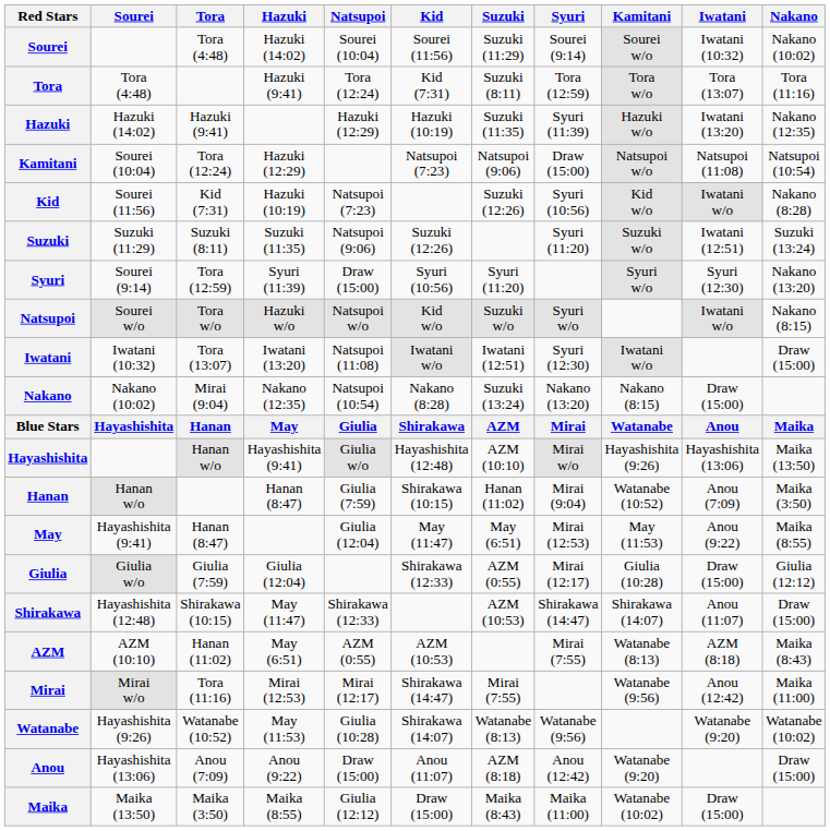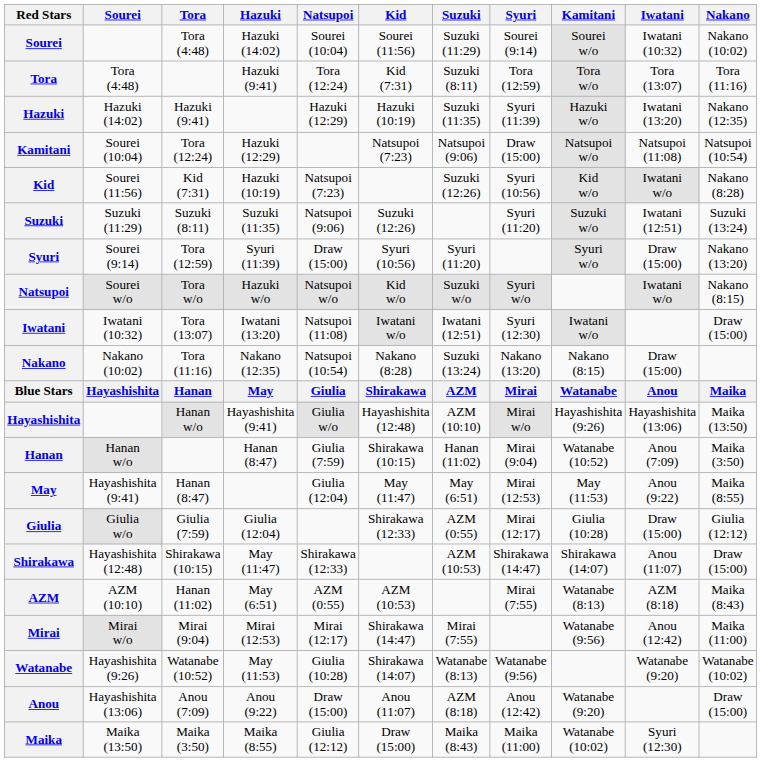 <table class="wikitable" style="text-align:center; margin: 1em auto 1em auto;" width="25%">
 <tr>
 <th>Red Stars</th>
 <th><a href='#'>Sourei</a></th>
 <th><a href='#'>Tora</a></th>
 <th><a href='#'>Hazuki</a></th>
 <th><a href='#'>Natsupoi</a></th>
 <th><a href='#'>Kid</a></th>
 <th><a href='#'>Suzuki</a></th>
 <th><a href='#'>Syuri</a></th>
 <th><a href='#'>Kamitani</a></th>
 <th><a href='#'>Iwatani</a></th>
 <th><a href='#'>Nakano</a></th>
 </tr>
 <tr>
 <th><a href='#'>Sourei</a></th>
 <td></td>
 <td>Tora<br>(4:48)</td>
 <td>Hazuki<br>(14:02)</td>
 <td>Sourei<br>(10:04)</td>
 <td>Sourei<br>(11:56)</td>
 <td>Suzuki<br>(11:29)</td>
 <td>Sourei<br>(9:14)</td>
 <td style="background-color:#e3e3e3">Sourei<br>w/o</td>
 <td>Iwatani<br>(10:32)</td>
 <td>Nakano<br>(10:02)</td>
 </tr>
 <tr>
 <th><a href='#'>Tora</a></th>
 <td>Tora<br>(4:48)</td>
 <td></td>
 <td>Hazuki<br>(9:41)</td>
 <td>Tora<br>(12:24)</td>
 <td>Kid<br>(7:31)</td>
 <td>Suzuki<br>(8:11)</td>
 <td>Tora<br>(12:59)</td>
 <td style="background-color:#e3e3e3">Tora<br>w/o</td>
 <td>Tora<br>(13:07)</td>
 <td>Tora<br>(11:16)</td>
 </tr>
 <tr>
 <th><a href='#'>Hazuki</a></th>
 <td>Hazuki<br>(14:02)</td>
 <td>Hazuki<br>(9:41)</td>
 <td></td>
 <td>Hazuki<br>(12:29)</td>
 <td>Hazuki<br>(10:19)</td>
 <td>Suzuki<br>(11:35)</td>
 <td>Syuri<br>(11:39)</td>
 <td style="background-color:#e3e3e3">Hazuki<br>w/o</td>
 <td>Iwatani<br>(13:20)</td>
 <td>Nakano<br>(12:35)</td>
 </tr>
 <tr>
 <th><a href='#'>Kamitani</a></th>
 <td>Sourei<br>(10:04)</td>
 <td>Tora<br>(12:24)</td>
 <td>Hazuki<br>(12:29)</td>
 <td></td>
 <td>Natsupoi<br>(7:23)</td>
 <td>Natsupoi<br>(9:06)</td>
 <td>Draw<br>(15:00)</td>
 <td style="background-color:#e3e3e3">Natsupoi<br>w/o</td>
 <td>Natsupoi<br>(11:08)</td>
 <td>Natsupoi<br>(10:54)</td>
 </tr>
 <tr>
 <th><a href='#'>Kid</a></th>
 <td>Sourei<br>(11:56)</td>
 <td>Kid<br>(7:31)</td>
 <td>Hazuki<br>(10:19)</td>
 <td>Natsupoi<br>(7:23)</td>
 <td></td>
 <td>Suzuki<br>(12:26)</td>
 <td>Syuri<br>(10:56)</td>
 <td style="background-color:#e3e3e3">Kid<br>w/o</td>
 <td style="background-color:#e3e3e3">Iwatani<br>w/o</td>
 <td>Nakano<br>(8:28)</td>
 </tr>
 <tr>
 <th><a href='#'>Suzuki</a></th>
 <td>Suzuki<br>(11:29)</td>
 <td>Suzuki<br>(8:11)</td>
 <td>Suzuki<br>(11:35)</td>
 <td>Natsupoi<br>(9:06)</td>
 <td>Suzuki<br>(12:26)</td>
 <td></td>
 <td>Syuri<br>(11:20)</td>
 <td style="background-color:#e3e3e3">Suzuki<br>w/o</td>
 <td>Iwatani<br>(12:51)</td>
 <td>Suzuki<br>(13:24)</td>
 </tr>
 <tr>
 <th><a href='#'>Syuri</a></th>
 <td>Sourei<br>(9:14)</td>
 <td>Tora<br>(12:59)</td>
 <td>Syuri<br>(11:39)</td>
 <td>Draw<br>(15:00)</td>
 <td>Syuri<br>(10:56)</td>
 <td>Syuri<br>(11:20)</td>
 <td></td>
 <td style="background-color:#e3e3e3">Syuri<br>w/o</td>
-<td>Syuri<br>(12:30)</td>
+<td>Draw<br>(15:00)</td>
 <td>Nakano<br>(13:20)</td>
 </tr>
 <tr>
 <th><a href='#'>Natsupoi</a></th>
 <td style="background-color:#e3e3e3">Sourei<br>w/o</td>
 <td style="background-color:#e3e3e3">Tora<br>w/o</td>
 <td style="background-color:#e3e3e3">Hazuki<br>w/o</td>
 <td style="background-color:#e3e3e3">Natsupoi<br>w/o</td>
 <td style="background-color:#e3e3e3">Kid<br>w/o</td>
 <td style="background-color:#e3e3e3">Suzuki<br>w/o</td>
 <td style="background-color:#e3e3e3">Syuri<br>w/o</td>
 <td></td>
 <td style="background-color:#e3e3e3">Iwatani<br>w/o</td>
 <td>Nakano<br>(8:15)</td>
 </tr>
 <tr>
 <th><a href='#'>Iwatani</a></th>
 <td>Iwatani<br>(10:32)</td>
 <td>Tora<br>(13:07)</td>
 <td>Iwatani<br>(13:20)</td>
 <td>Natsupoi<br>(11:08)</td>
 <td style="background-color:#e3e3e3">Iwatani<br>w/o</td>
 <td>Iwatani<br>(12:51)</td>
 <td>Syuri<br>(12:30)</td>
 <td style="background-color:#e3e3e3">Iwatani<br>w/o</td>
 <td></td>
 <td>Draw<br>(15:00)</td>
 </tr>
 <tr>
 <th><a href='#'>Nakano</a></th>
 <td>Nakano<br>(10:02)</td>
-<td>Mirai<br>(9:04)</td>
+<td>Tora<br>(11:16)</td>
 <td>Nakano<br>(12:35)</td>
 <td>Natsupoi<br>(10:54)</td>
 <td>Nakano<br>(8:28)</td>
 <td>Suzuki<br>(13:24)</td>
 <td>Nakano<br>(13:20)</td>
 <td>Nakano<br>(8:15)</td>
 <td>Draw<br>(15:00)</td>
 <td></td>
 </tr>
 <tr>
 <th>Blue Stars</th>
 <th><a href='#'>Hayashishita</a></th>
 <th><a href='#'>Hanan</a></th>
 <th><a href='#'>May</a></th>
 <th><a href='#'>Giulia</a></th>
 <th><a href='#'>Shirakawa</a></th>
 <th><a href='#'>AZM</a></th>
 <th><a href='#'>Mirai</a></th>
 <th><a href='#'>Watanabe</a></th>
 <th><a href='#'>Anou</a></th>
 <th><a href='#'>Maika</a></th>
 </tr>
 <tr>
 <th><a href='#'>Hayashishita</a></th>
 <td></td>
 <td style="background-color:#e3e3e3">Hanan<br>w/o</td>
 <td>Hayashishita<br>(9:41)</td>
 <td style="background-color:#e3e3e3">Giulia<br>w/o</td>
 <td>Hayashishita<br>(12:48)</td>
 <td>AZM<br>(10:10)</td>
 <td style="background-color:#e3e3e3">Mirai<br>w/o</td>
 <td>Hayashishita<br>(9:26)</td>
 <td>Hayashishita<br>(13:06)</td>
 <td>Maika<br>(13:50)</td>
 </tr>
 <tr>
 <th><a href='#'>Hanan</a></th>
 <td style="background-color:#e3e3e3">Hanan<br>w/o</td>
 <td></td>
 <td>Hanan<br>(8:47)</td>
 <td>Giulia<br>(7:59)</td>
 <td>Shirakawa<br>(10:15)</td>
 <td>Hanan<br>(11:02)</td>
 <td>Mirai<br>(9:04)</td>
 <td>Watanabe<br>(10:52)</td>
 <td>Anou<br>(7:09)</td>
 <td>Maika<br>(3:50)</td>
 </tr>
 <tr>
 <th><a href='#'>May</a></th>
 <td>Hayashishita<br>(9:41)</td>
 <td>Hanan<br>(8:47)</td>
 <td></td>
 <td>Giulia<br>(12:04)</td>
 <td>May<br>(11:47)</td>
 <td>May<br>(6:51)</td>
 <td>Mirai<br>(12:53)</td>
 <td>May<br>(11:53)</td>
 <td>Anou<br>(9:22)</td>
 <td>Maika<br>(8:55)</td>
 </tr>
 <tr>
 <th><a href='#'>Giulia</a></th>
 <td style="background-color:#e3e3e3">Giulia<br>w/o</td>
 <td>Giulia<br>(7:59)</td>
 <td>Giulia<br>(12:04)</td>
 <td></td>
 <td>Shirakawa<br>(12:33)</td>
 <td>AZM<br>(0:55)</td>
 <td>Mirai<br>(12:17)</td>
 <td>Giulia<br>(10:28)</td>
 <td>Draw<br>(15:00)</td>
 <td>Giulia<br>(12:12)</td>
 </tr>
 <tr>
 <th><a href='#'>Shirakawa</a></th>
 <td>Hayashishita<br>(12:48)</td>
 <td>Shirakawa<br>(10:15)</td>
 <td>May<br>(11:47)</td>
 <td>Shirakawa<br>(12:33)</td>
 <td></td>
 <td>AZM<br>(10:53)</td>
 <td>Shirakawa<br>(14:47)</td>
 <td>Shirakawa<br>(14:07)</td>
 <td>Anou<br>(11:07)</td>
 <td>Draw<br>(15:00)</td>
 </tr>
 <tr>
 <th><a href='#'>AZM</a></th>
 <td>AZM<br>(10:10)</td>
 <td>Hanan<br>(11:02)</td>
 <td>May<br>(6:51)</td>
 <td>AZM<br>(0:55)</td>
 <td>AZM<br>(10:53)</td>
 <td></td>
 <td>Mirai<br>(7:55)</td>
 <td>Watanabe<br>(8:13)</td>
 <td>AZM<br>(8:18)</td>
 <td>Maika<br>(8:43)</td>
 </tr>
 <tr>
 <th><a href='#'>Mirai</a></th>
 <td style="background-color:#e3e3e3">Mirai<br>w/o</td>
-<td>Tora<br>(11:16)</td>
+<td>Mirai<br>(9:04)</td>
 <td>Mirai<br>(12:53)</td>
 <td>Mirai<br>(12:17)</td>
 <td>Shirakawa<br>(14:47)</td>
 <td>Mirai<br>(7:55)</td>
 <td></td>
 <td>Watanabe<br>(9:56)</td>
 <td>Anou<br>(12:42)</td>
 <td>Maika<br>(11:00)</td>
 </tr>
 <tr>
 <th><a href='#'>Watanabe</a></th>
 <td>Hayashishita<br>(9:26)</td>
 <td>Watanabe<br>(10:52)</td>
 <td>May<br>(11:53)</td>
 <td>Giulia<br>(10:28)</td>
 <td>Shirakawa<br>(14:07)</td>
 <td>Watanabe<br>(8:13)</td>
 <td>Watanabe<br>(9:56)</td>
 <td></td>
 <td>Watanabe<br>(9:20)</td>
 <td>Watanabe<br>(10:02)</td>
 </tr>
 <tr>
 <th><a href='#'>Anou</a></th>
 <td>Hayashishita<br>(13:06)</td>
 <td>Anou<br>(7:09)</td>
 <td>Anou<br>(9:22)</td>
 <td>Draw<br>(15:00)</td>
 <td>Anou<br>(11:07)</td>
 <td>AZM<br>(8:18)</td>
 <td>Anou<br>(12:42)</td>
 <td>Watanabe<br>(9:20)</td>
 <td></td>
 <td>Draw<br>(15:00)</td>
 </tr>
 <tr>
 <th><a href='#'>Maika</a></th>
 <td>Maika<br>(13:50)</td>
 <td>Maika<br>(3:50)</td>
 <td>Maika<br>(8:55)</td>
 <td>Giulia<br>(12:12)</td>
 <td>Draw<br>(15:00)</td>
 <td>Maika<br>(8:43)</td>
 <td>Maika<br>(11:00)</td>
 <td>Watanabe<br>(10:02)</td>
-<td>Draw<br>(15:00)</td>
+<td>Syuri<br>(12:30)</td>
 <td></td>
 </tr>
 </table>
